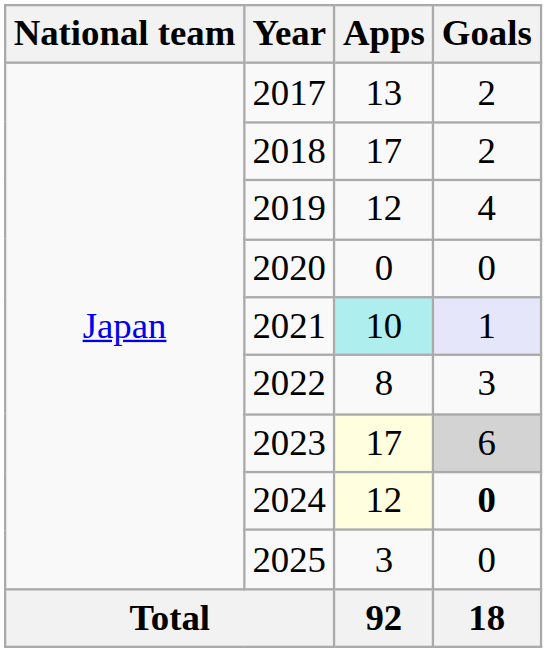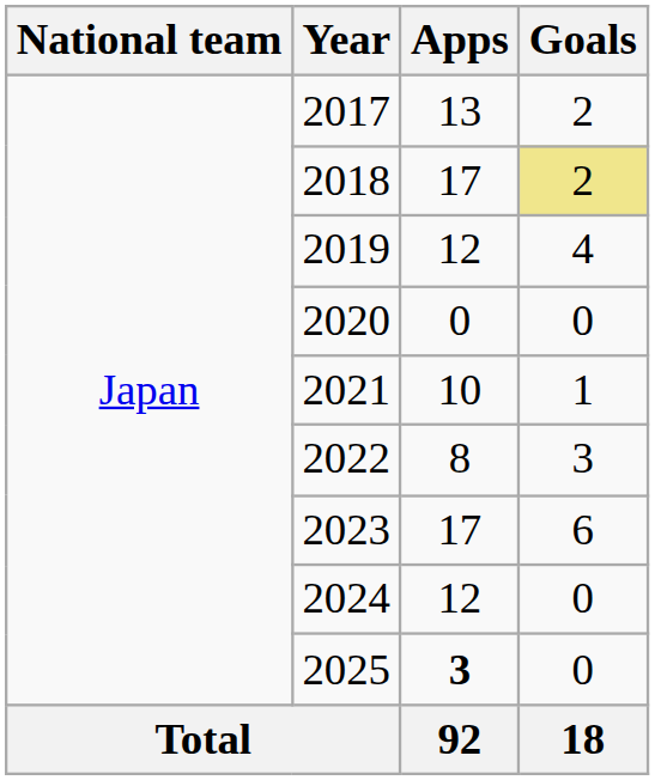 <table class="wikitable" style="text-align:center">
 <tr>
 <th>National team</th>
 <th>Year</th>
 <th>Apps</th>
 <th>Goals</th>
 </tr>
 <tr>
 <td rowspan="9"><a href='#'>Japan</a></td>
 <td>2017</td>
 <td>13</td>
 <td>2</td>
 </tr>
 <tr>
 <td>2018</td>
 <td>17</td>
-<td>2</td>
+<td style="background: khaki;">2</td>
 </tr>
 <tr>
 <td>2019</td>
 <td>12</td>
 <td>4</td>
 </tr>
 <tr>
 <td>2020</td>
 <td>0</td>
 <td>0</td>
 </tr>
 <tr>
 <td>2021</td>
-<td style="background: paleturquoise;">10</td>
-<td style="background: lavender;">1</td>
+<td>10</td>
+<td>1</td>
 </tr>
 <tr>
 <td>2022</td>
 <td>8</td>
 <td>3</td>
 </tr>
 <tr>
 <td>2023</td>
-<td style="background: lightyellow;">17</td>
-<td style="background: lightgrey;">6</td>
+<td>17</td>
+<td>6</td>
 </tr>
 <tr>
 <td>2024</td>
-<td style="background: lightyellow;">12</td>
-<td><strong>0</strong></td>
+<td>12</td>
+<td>0</td>
 </tr>
 <tr>
 <td>2025</td>
-<td>3</td>
+<td><strong>3</strong></td>
 <td>0</td>
 </tr>
 <tr>
 <th colspan="2">Total</th>
 <th>92</th>
 <th>18</th>
 </tr>
 </table>
